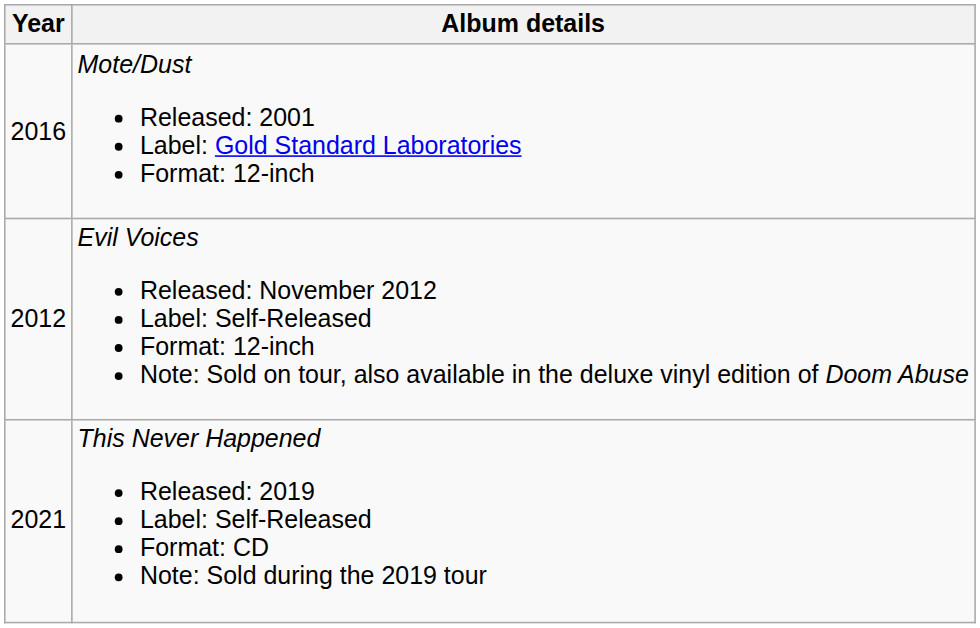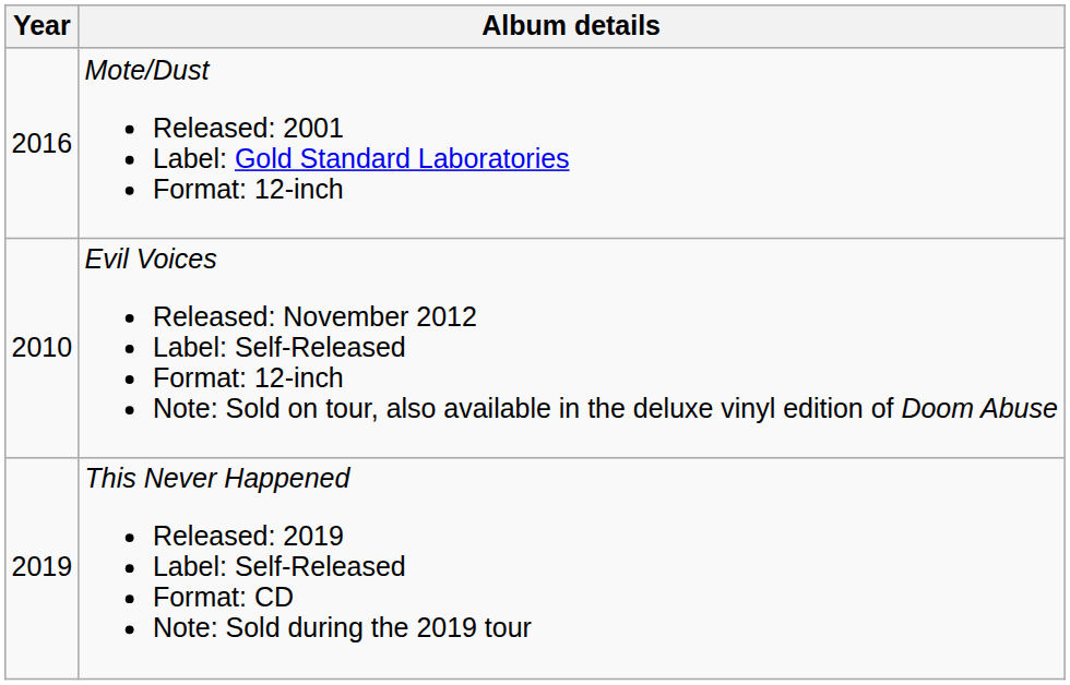 <table class="wikitable">
 <tr>
 <th>Year</th>
 <th>Album details</th>
 </tr>
 <tr>
 <td>2016</td>
 <td><em>Mote/Dust</em><br><ul><li>Released: 2001</li><li>Label: <a href='#'>Gold Standard Laboratories</a> </li><li>Format: 12-inch</li></ul></td>
 </tr>
 <tr>
-<td>2012</td>
+<td>2010</td>
 <td><em>Evil Voices</em><br><ul><li>Released: November 2012</li><li>Label: Self-Released</li><li>Format: 12-inch</li><li>Note: Sold on tour, also available in the deluxe vinyl edition of <em>Doom Abuse</em></li></ul></td>
 </tr>
 <tr>
-<td>2021</td>
+<td>2019</td>
 <td><em>This Never Happened</em><br><ul><li>Released: 2019</li><li>Label: Self-Released</li><li>Format: CD</li><li>Note: Sold during the 2019 tour</li></ul></td>
 </tr>
 </table>
